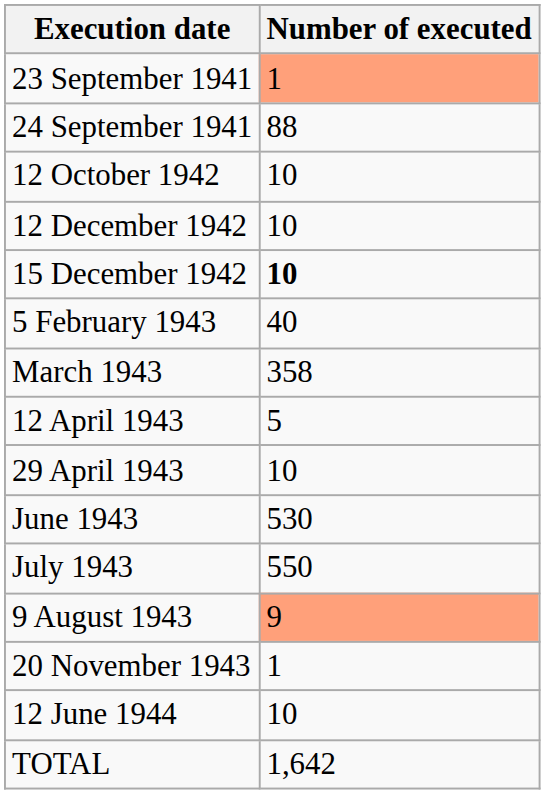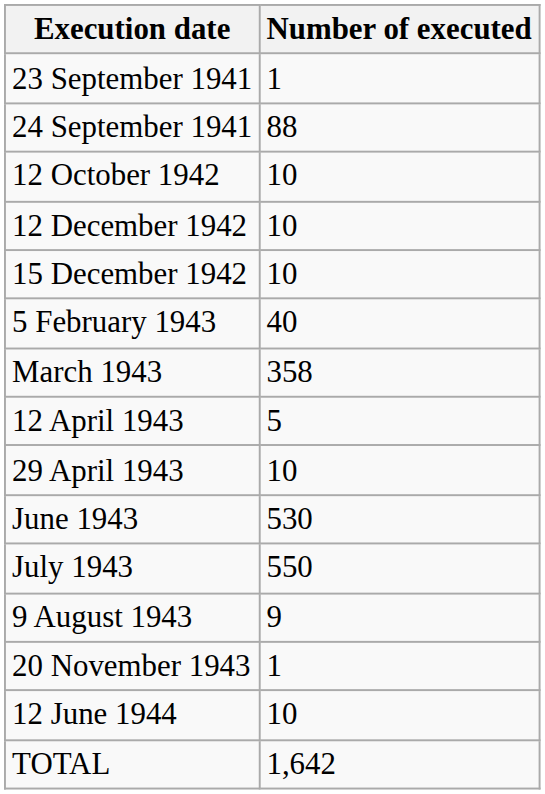 <table class=wikitable>
 <tr>
 <th>Execution date</th>
 <th>Number of executed</th>
 </tr>
 <tr>
 <td>23 September 1941</td>
-<td style="background: lightsalmon;">1</td>
+<td>1</td>
 </tr>
 <tr>
 <td>24 September 1941</td>
 <td>88</td>
 </tr>
 <tr>
 <td>12 October 1942</td>
 <td>10</td>
 </tr>
 <tr>
 <td>12 December 1942</td>
 <td>10</td>
 </tr>
 <tr>
 <td>15 December 1942</td>
-<td><strong>10</strong></td>
+<td>10</td>
 </tr>
 <tr>
 <td>5 February 1943</td>
 <td>40</td>
 </tr>
 <tr>
 <td>March 1943</td>
 <td>358</td>
 </tr>
 <tr>
 <td>12 April 1943</td>
 <td>5</td>
 </tr>
 <tr>
 <td>29 April 1943</td>
 <td>10</td>
 </tr>
 <tr>
 <td>June 1943</td>
 <td>530</td>
 </tr>
 <tr>
 <td>July 1943</td>
 <td>550</td>
 </tr>
 <tr>
 <td>9 August 1943</td>
-<td style="background: lightsalmon;">9</td>
+<td>9</td>
 </tr>
 <tr>
 <td>20 November 1943</td>
 <td>1</td>
 </tr>
 <tr>
 <td>12 June 1944</td>
 <td>10</td>
 </tr>
 <tr>
 <td>TOTAL</td>
 <td>1,642</td>
 </tr>
 </table>
